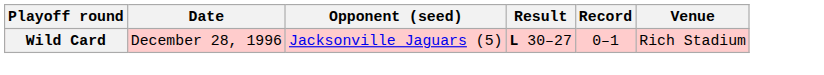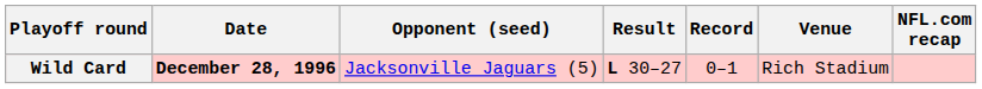 <table class="wikitable" style="text-align:center">
 <tr>
 <th>Playoff round</th>
 <th>Date</th>
 <th>Opponent (seed)</th>
 <th>Result</th>
 <th>Record</th>
 <th>Venue</th>
+<th>NFL.com<br>recap</th>
 </tr>
 <tr style="background: #fcc;">
 <th>Wild Card</th>
-<td>December 28, 1996</td>
+<td><strong>December 28, 1996</strong></td>
 <td><a href='#'>Jacksonville Jaguars</a> (5)</td>
 <td><strong>L</strong> 30–27</td>
 <td>0–1</td>
 <td>Rich Stadium</td>
+<td></td>
 </tr>
 </table>
